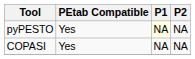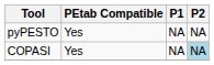 <table class="wikitable">
 <tr>
 <th>Tool</th>
 <th>PEtab Compatible</th>
 <th>P1</th>
 <th>P2</th>
 </tr>
 <tr>
 <td>pyPESTO</td>
 <td>Yes</td>
-<td style="background: lightyellow;">NA</td>
+<td>NA</td>
 <td>NA</td>
 </tr>
 <tr>
 <td>COPASI</td>
 <td>Yes</td>
 <td>NA</td>
-<td>NA</td>
+<td style="background: lightblue;">NA</td>
 </tr>
 <tr>
 </tr>
 </table>
